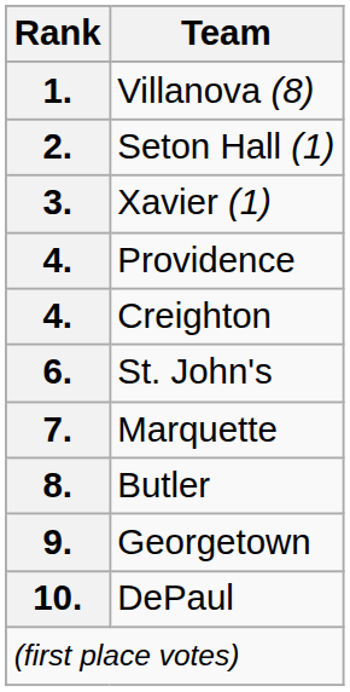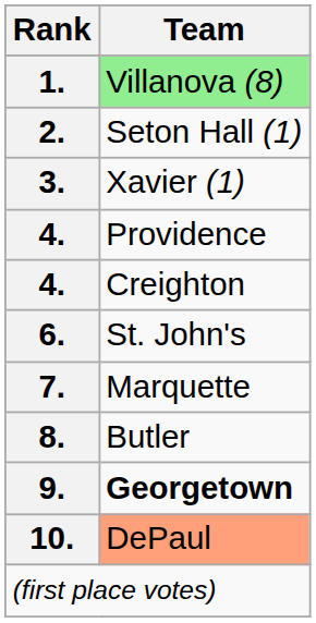 <table class=wikitable>
 <tr>
 <th>Rank</th>
 <th>Team</th>
 </tr>
 <tr>
 <th>1.</th>
-<td>Villanova <em>(8)</em></td>
+<td style="background: lightgreen;">Villanova <em>(8)</em></td>
 </tr>
 <tr>
 <th>2.</th>
 <td>Seton Hall <em>(1)</em></td>
 </tr>
 <tr>
 <th>3.</th>
 <td>Xavier <em>(1)</em></td>
 </tr>
 <tr>
 <th>4.</th>
 <td>Providence</td>
 </tr>
 <tr>
 <th>4.</th>
 <td>Creighton</td>
 </tr>
 <tr>
 <th>6.</th>
 <td>St. John's</td>
 </tr>
 <tr>
 <th>7.</th>
 <td>Marquette</td>
 </tr>
 <tr>
 <th>8.</th>
 <td>Butler</td>
 </tr>
 <tr>
 <th>9.</th>
-<td>Georgetown</td>
+<td><strong>Georgetown</strong></td>
 </tr>
 <tr>
 <th>10.</th>
-<td>DePaul</td>
+<td style="background: lightsalmon;">DePaul</td>
 </tr>
 <tr>
 <td colspan=3 valign=middle><small><em>(first place votes)</em></small></td>
 </tr>
 </table>
